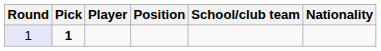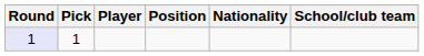 <table class="wikitable sortable sortable" style="text-align: center">
 <tr>
 <th>Round</th>
 <th>Pick</th>
 <th>Player</th>
 <th>Position</th>
+<th>Nationality</th>
 <th>School/club team</th>
-<th>Nationality</th>
 </tr>
 <tr style="text-align: center">
 <td style="background: lavender;">1</td>
-<td><strong>1</strong></td>
+<td>1</td>
 <td></td>
 <td></td>
 <td></td>
 <td></td>
 </tr>
 </table>
